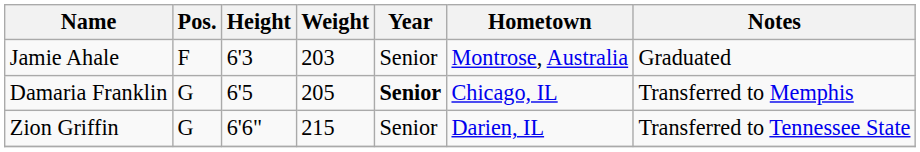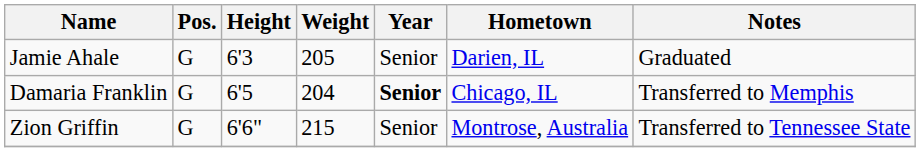 <table class="wikitable sortable" border="1">
 <tr align=center>
 <th>Name</th>
 <th>Pos.</th>
 <th>Height</th>
 <th>Weight</th>
 <th>Year</th>
 <th>Hometown</th>
 <th>Notes</th>
 </tr>
 <tr>
 <td>Jamie Ahale</td>
-<td>F</td>
+<td>G</td>
 <td>6'3</td>
-<td>203</td>
+<td>205</td>
 <td>Senior</td>
-<td><a href='#'>Montrose</a>, <a href='#'>Australia</a></td>
+<td><a href='#'>Darien, IL</a></td>
 <td>Graduated</td>
 </tr>
 <tr>
 <td>Damaria Franklin</td>
 <td>G</td>
 <td>6'5</td>
-<td>205</td>
+<td>204</td>
 <td><strong>Senior</strong></td>
 <td><a href='#'>Chicago, IL</a></td>
 <td>Transferred to <a href='#'>Memphis</a></td>
 </tr>
 <tr>
 <td>Zion Griffin</td>
 <td>G</td>
 <td>6'6"</td>
 <td>215</td>
 <td>Senior</td>
-<td><a href='#'>Darien, IL</a></td>
+<td><a href='#'>Montrose</a>, <a href='#'>Australia</a></td>
 <td>Transferred to <a href='#'>Tennessee State</a></td>
 </tr>
 <tr>
 </tr>
 </table>
